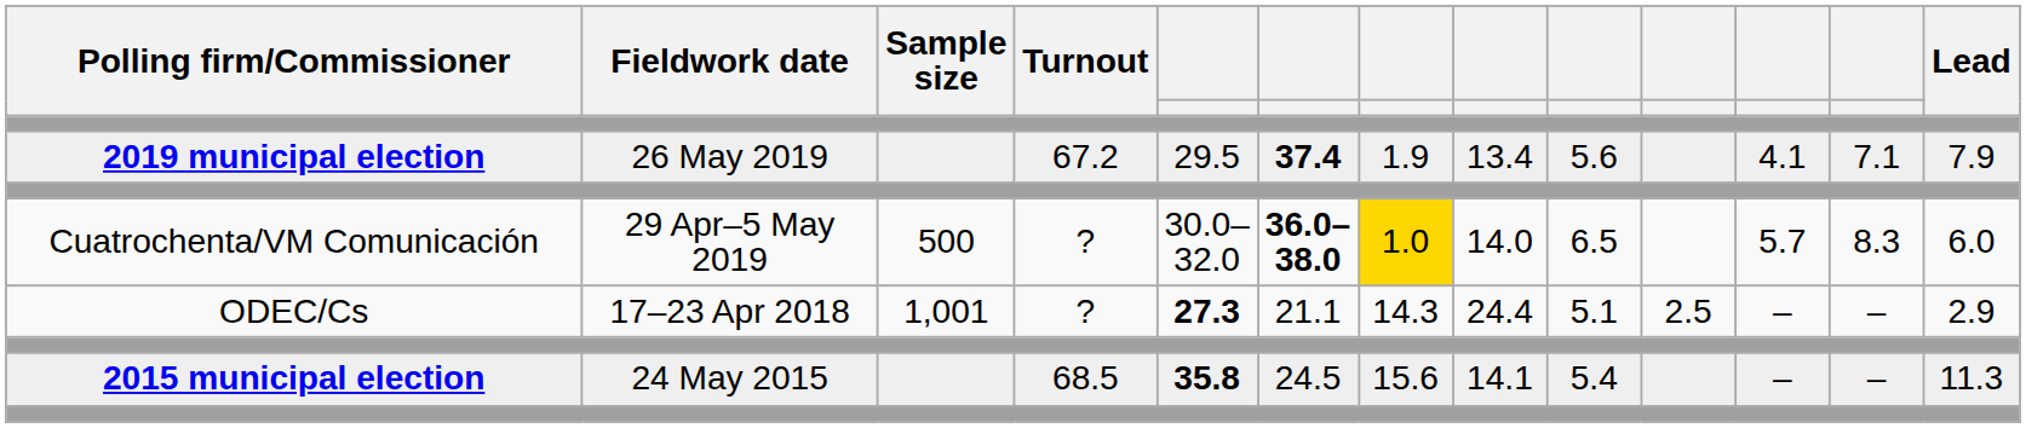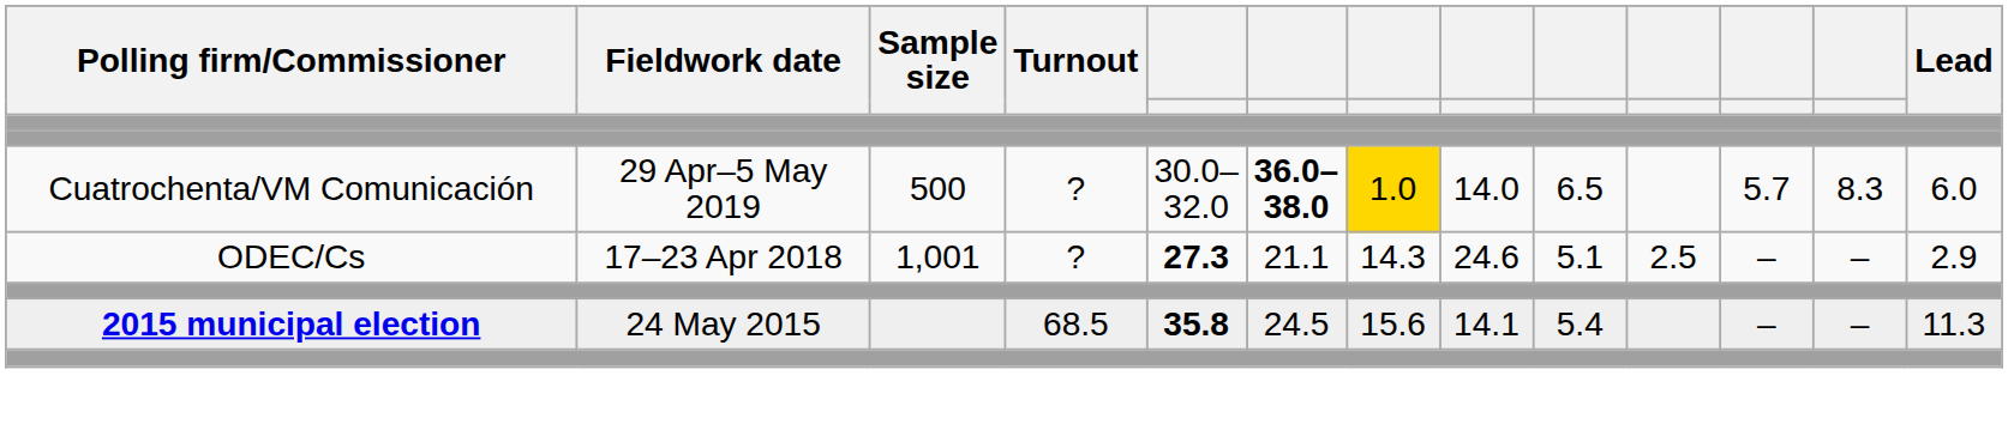 <table class="wikitable collapsible collapsed" style="text-align:center; font-size:95%; line-height:16px;">
 <tr style="height:42px;">
 <th style="width:250px;" rowspan="2">Polling firm/Commissioner</th>
 <th style="width:125px;" rowspan="2">Fieldwork date</th>
 <th style="width:50px;" rowspan="2">Sample size</th>
 <th style="width:45px;" rowspan="2">Turnout</th>
 <th style="width:35px;"></th>
 <th style="width:35px;"></th>
 <th style="width:35px;"></th>
 <th style="width:35px;"></th>
 <th style="width:35px;"></th>
 <th style="width:35px;"></th>
 <th style="width:35px;"></th>
 <th style="width:35px;"></th>
 <th style="width:30px;" rowspan="2">Lead</th>
 </tr>
 <tr>
 <th style="color:inherit;background:"></th>
 <th style="color:inherit;background:"></th>
 <th style="color:inherit;background:"></th>
 <th style="color:inherit;background:"></th>
 <th style="color:inherit;background:"></th>
 <th style="color:inherit;background:"></th>
 <th style="color:inherit;background:"></th>
 <th style="color:inherit;background:"></th>
 </tr>
 <tr>
 <td colspan="13" style="background:#A0A0A0"></td>
 </tr>
-<tr style="background:#EFEFEF;">
-<td><strong><a href='#'>2019 municipal election</a></strong></td>
-<td>26 May 2019</td>
-<td></td>
-<td>67.2</td>
-<td>29.5<br></td>
-<td><strong>37.4</strong><br></td>
-<td>1.9<br></td>
-<td>13.4<br></td>
-<td>5.6<br></td>
-<td></td>
-<td>4.1<br></td>
-<td>7.1<br></td>
-<td style="background:">7.9</td>
-</tr>
 <tr>
 <td colspan="13" style="background:#A0A0A0"></td>
 </tr>
 <tr>
 <td>Cuatrochenta/VM Comunicación</td>
 <td>29 Apr–5 May 2019</td>
 <td>500</td>
 <td>?</td>
 <td>30.0–<br>32.0<br></td>
 <td><strong>36.0–<br>38.0</strong><br></td>
 <td style="background: gold;">1.0<br></td>
 <td>14.0<br></td>
 <td>6.5<br></td>
 <td></td>
 <td>5.7<br></td>
 <td>8.3<br></td>
 <td style="background:">6.0</td>
 </tr>
 <tr>
 <td>ODEC/Cs</td>
 <td>17–23 Apr 2018</td>
 <td>1,001</td>
 <td>?</td>
 <td><strong>27.3</strong><br></td>
 <td>21.1<br></td>
 <td>14.3<br></td>
-<td>24.4<br></td>
+<td>24.6<br></td>
 <td>5.1<br></td>
 <td>2.5<br></td>
 <td>–</td>
 <td>–</td>
 <td style="background:">2.9</td>
 </tr>
 <tr>
 <td colspan="13" style="background:#A0A0A0"></td>
 </tr>
 <tr style="background:#EFEFEF;">
 <td><strong><a href='#'>2015 municipal election</a></strong></td>
 <td>24 May 2015</td>
 <td></td>
 <td>68.5</td>
 <td><strong>35.8</strong><br></td>
 <td>24.5<br></td>
 <td>15.6<br></td>
 <td>14.1<br></td>
 <td>5.4<br></td>
 <td></td>
 <td>–</td>
 <td>–</td>
 <td style="background:">11.3</td>
 </tr>
 <tr>
 <td colspan="13" style="background:#A0A0A0"></td>
 </tr>
 </table>
